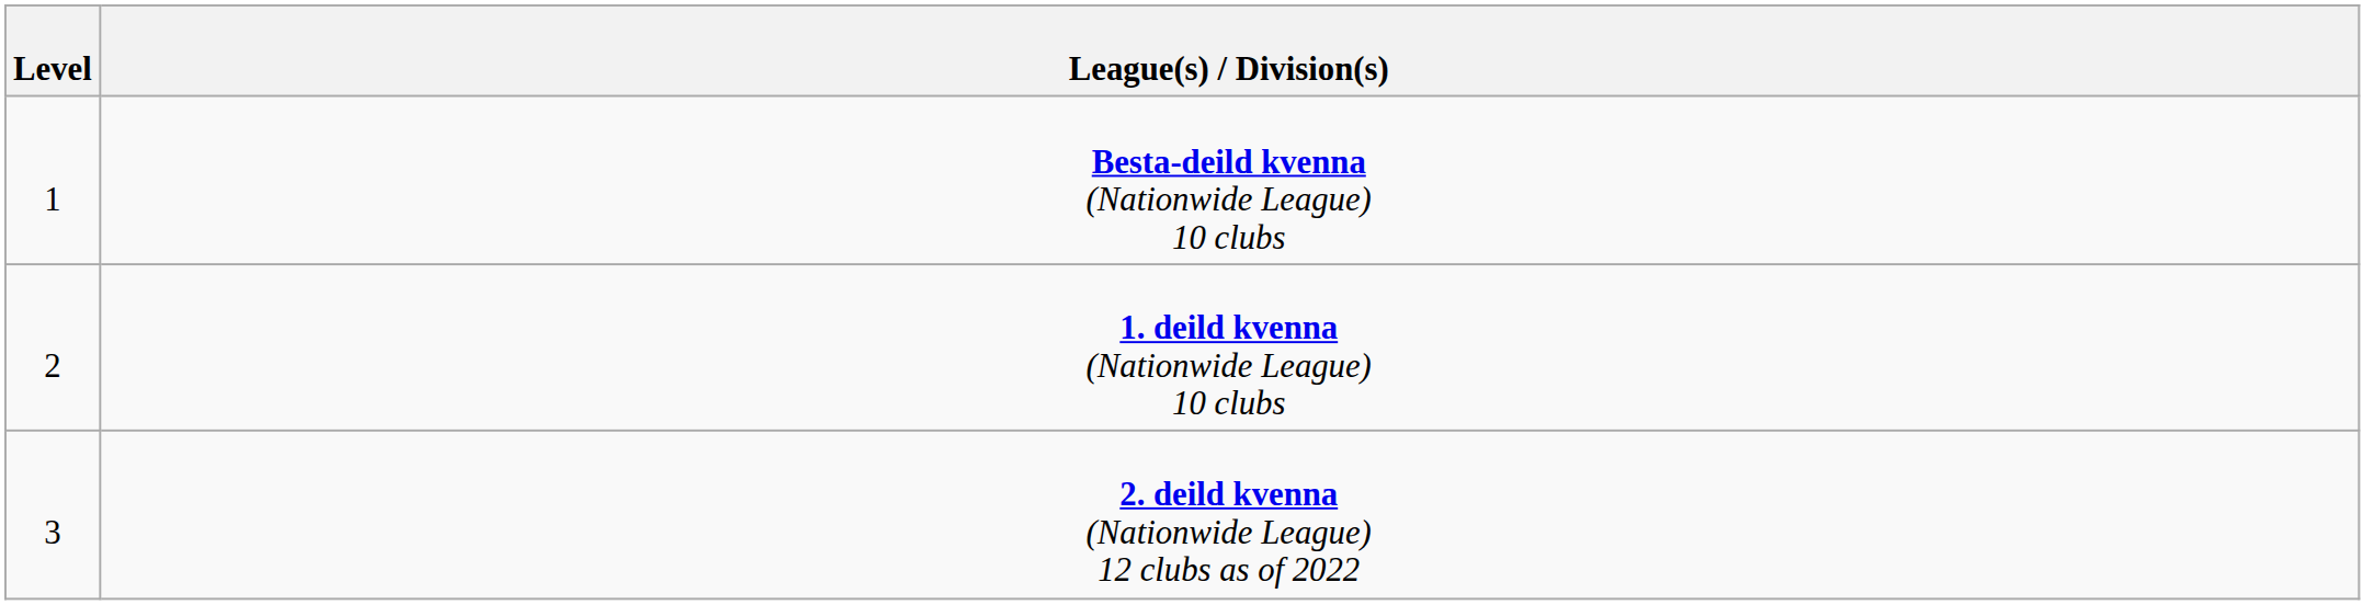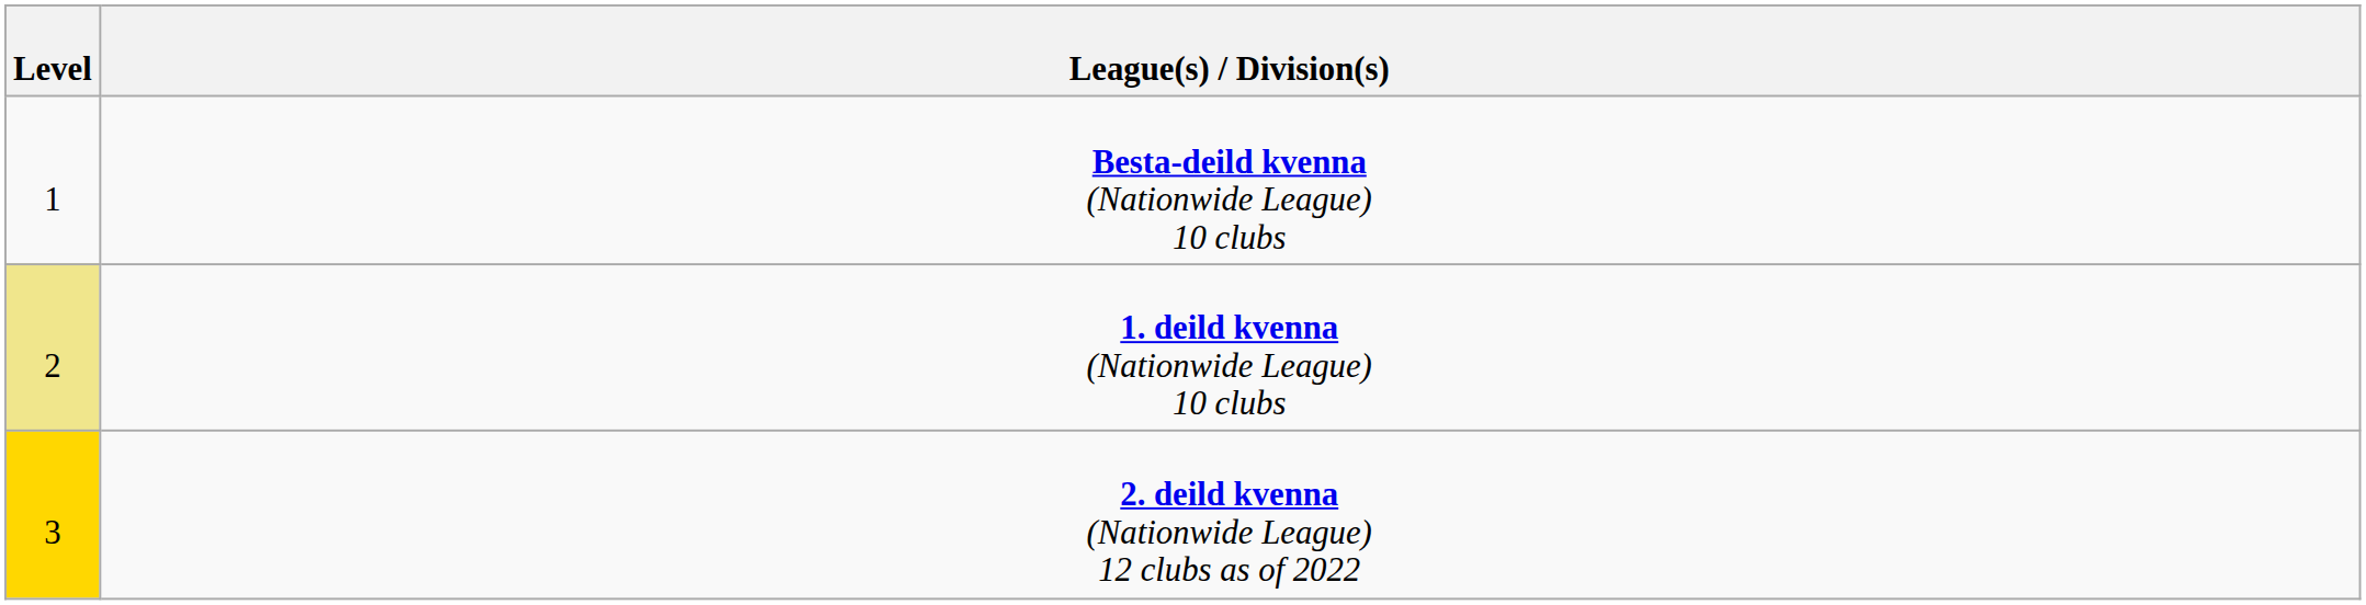 <table class="wikitable" style="text-align: center;">
 <tr>
 <th colspan="1" width="4%"><br>Level</th>
 <th colspan="8" width="96%"><br>League(s) / Division(s)</th>
 </tr>
 <tr>
 <td colspan="1" width="4%"><br>1</td>
 <td colspan="8" width="96%"><br><strong><a href='#'>Besta-deild kvenna</a></strong><br> <em>(Nationwide League)</em><br> <em>10 clubs</em></td>
 </tr>
 <tr>
-<td colspan="1" width="4%"><br>2</td>
+<td colspan="1" width="4%" style="background: khaki;"><br>2</td>
 <td colspan="8" width="96%"><br><strong><a href='#'>1. deild kvenna</a></strong><br> <em>(Nationwide League)</em> <br> <em>10 clubs</em></td>
 </tr>
 <tr>
-<td colspan="1" width="4%"><br>3</td>
+<td colspan="1" width="4%" style="background: gold;"><br>3</td>
 <td colspan="8" width="96%"><br><strong><a href='#'>2. deild kvenna</a></strong><br> <em>(Nationwide League)</em> <br> <em>12 clubs as of 2022</em></td>
 </tr>
 </table>
